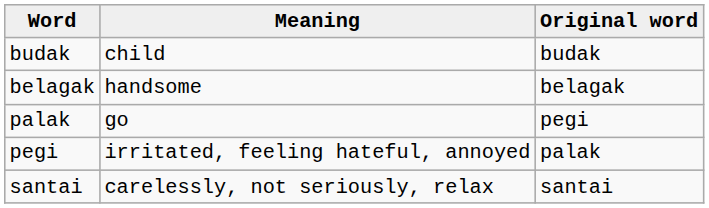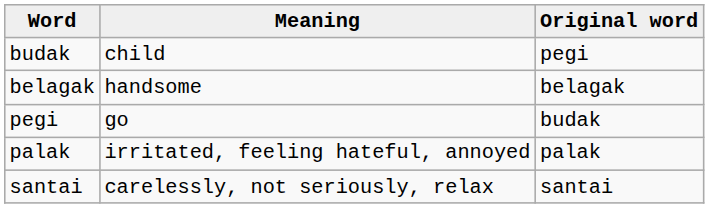 <table class="wikitable">
 <tr>
 <th style="background:#efefef;">Word</th>
 <th style="background:#efefef;">Meaning</th>
 <th style="background:#efefef;">Original word</th>
 </tr>
 <tr>
 <td>budak</td>
 <td>child</td>
-<td>budak</td>
+<td>pegi</td>
 </tr>
 <tr>
 <td>belagak</td>
 <td>handsome</td>
 <td>belagak</td>
 </tr>
 <tr>
-<td>palak</td>
+<td>pegi</td>
 <td>go</td>
-<td>pegi</td>
+<td>budak</td>
 </tr>
 <tr>
-<td>pegi</td>
+<td>palak</td>
 <td>irritated, feeling hateful, annoyed</td>
 <td>palak</td>
 </tr>
 <tr>
 <td>santai</td>
 <td>carelessly, not seriously, relax</td>
 <td>santai</td>
 </tr>
 </table>
